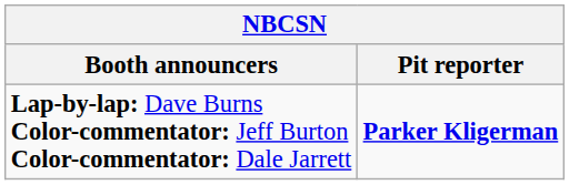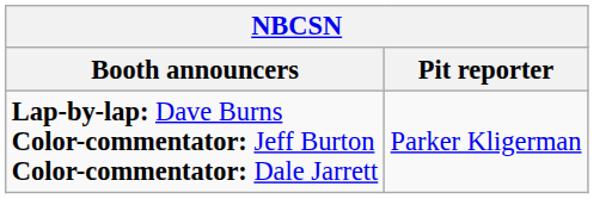 <table class="wikitable">
 <tr>
 <th colspan="2"><a href='#'>NBCSN</a></th>
 </tr>
 <tr>
 <th>Booth announcers</th>
 <th>Pit reporter</th>
 </tr>
 <tr>
 <td><strong>Lap-by-lap:</strong> <a href='#'>Dave Burns</a><br><strong>Color-commentator:</strong> <a href='#'>Jeff Burton</a><br><strong>Color-commentator:</strong> <a href='#'>Dale Jarrett</a></td>
-<td><strong><a href='#'>Parker Kligerman</a></strong></td>
+<td><a href='#'>Parker Kligerman</a></td>
 </tr>
 </table>
